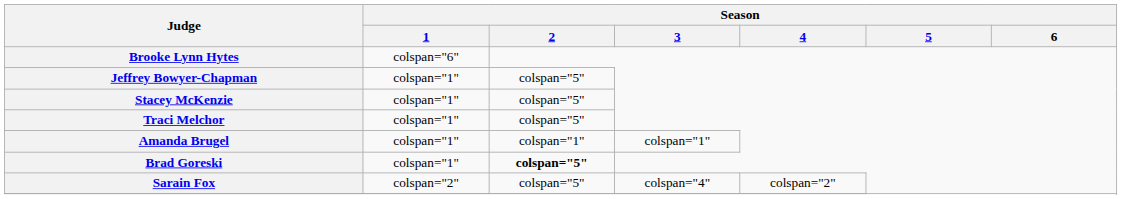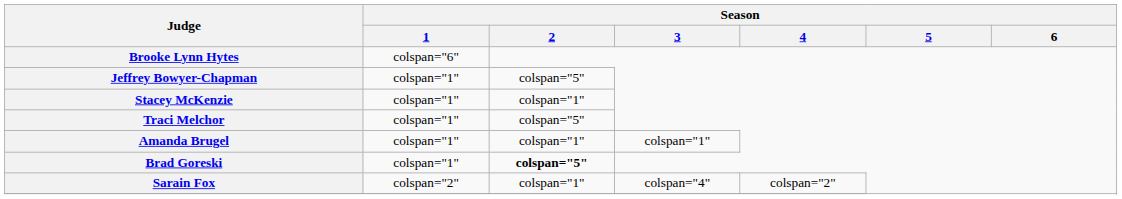 <table class="wikitable plainrowheaders" style="text-align:center">
 <tr>
 <th rowspan="2" style="width:20%;" scope="col">Judge</th>
 <th colspan="6">Season</th>
 </tr>
 <tr>
 <th style="width:7%;" scope="colspan"><a href='#'>1</a></th>
 <th style="width:7%;" scope="colspan"><a href='#'>2</a></th>
 <th style="width:7%;" scope="colspan"><a href='#'>3</a></th>
 <th style="width:7%;" scope="colspan"><a href='#'>4</a></th>
 <th style="width:7%;" scope="colspan"><a href='#'>5</a></th>
 <th style="width:7%;" scope="colspan">6</th>
 </tr>
 <tr>
 <th scope="row" style="text-align: center;"><a href='#'>Brooke Lynn Hytes</a></th>
 <td>colspan="6" </td>
 </tr>
 <tr>
 <th scope="row" style="text-align: center;"><a href='#'>Jeffrey Bowyer-Chapman</a></th>
 <td>colspan="1" </td>
 <td>colspan="5" </td>
 </tr>
 <tr>
 <th scope="row" style="text-align: center;"><a href='#'>Stacey McKenzie</a></th>
 <td>colspan="1" </td>
-<td>colspan="5" </td>
+<td>colspan="1" </td>
 </tr>
 <tr>
 <th scope="row" style="text-align: center;"><a href='#'>Traci Melchor</a></th>
 <td>colspan="1"</td>
 <td>colspan="5" </td>
 </tr>
 <tr>
 <th scope="row" style="text-align: center;"><a href='#'>Amanda Brugel</a></th>
 <td>colspan="1" </td>
 <td>colspan="1" </td>
 <td>colspan="1" </td>
 </tr>
 <tr>
 <th scope="row" style="text-align: center;"><a href='#'>Brad Goreski</a></th>
 <td>colspan="1" </td>
 <td><strong>colspan="5" </strong></td>
 </tr>
 <tr>
 <th scope="row" style="text-align: center;"><a href='#'>Sarain Fox</a></th>
 <td>colspan="2" </td>
-<td>colspan="5" </td>
+<td>colspan="1" </td>
 <td>colspan="4" </td>
 <td>colspan="2" </td>
 </tr>
 <tr>
 </tr>
 </table>
